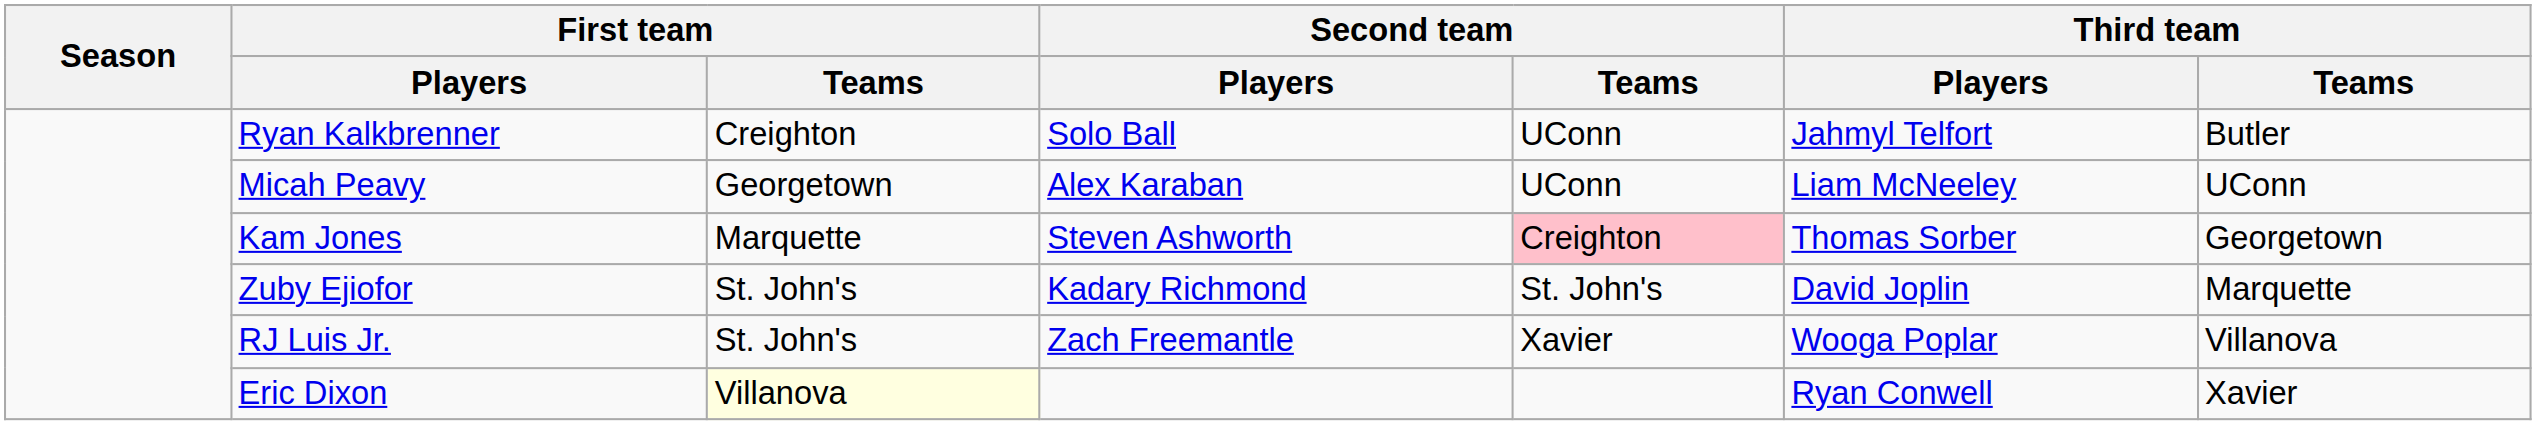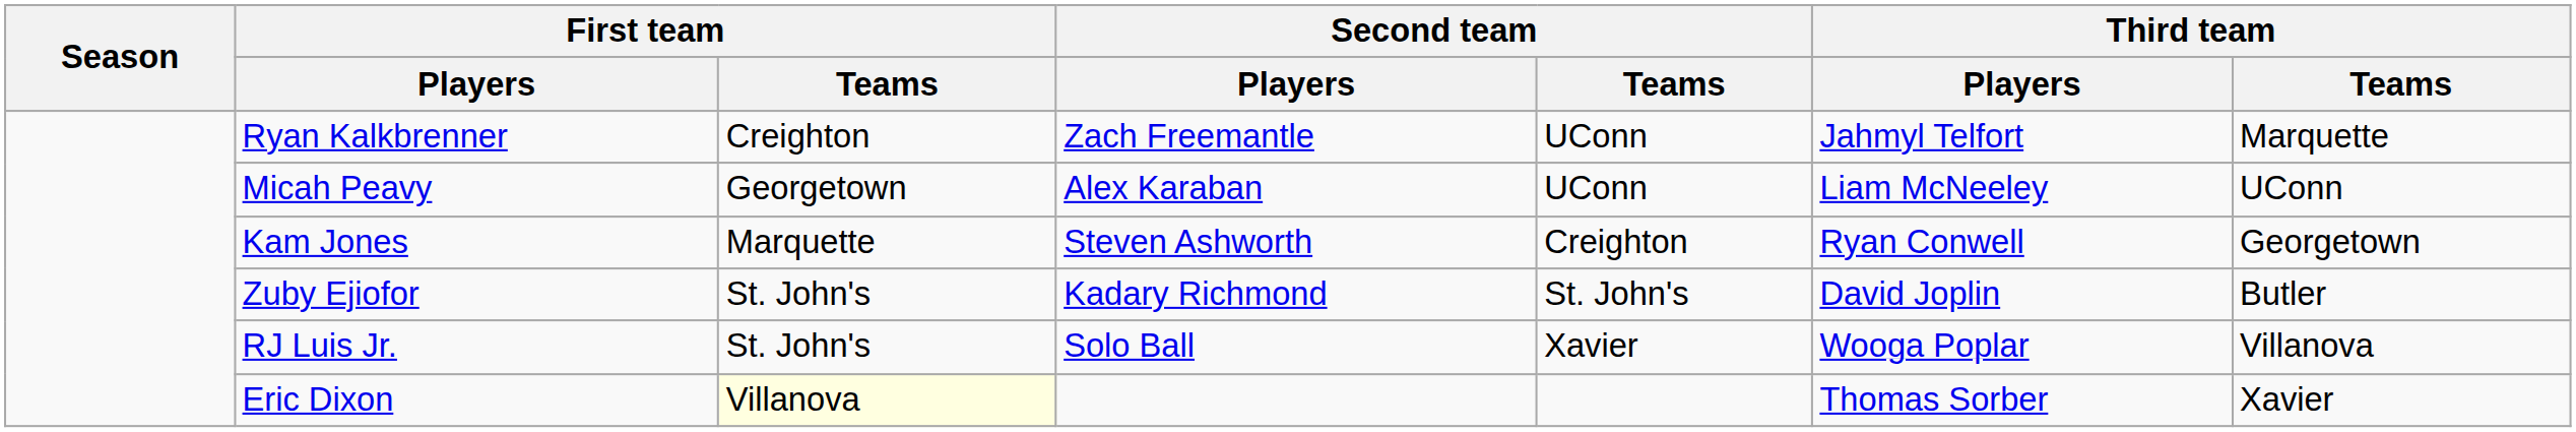 <table class="wikitable" style="width:98%">
 <tr>
 <th rowspan=2>Season</th>
 <th colspan=2>First team</th>
 <th colspan=2>Second team</th>
 <th colspan=2>Third team</th>
 </tr>
 <tr>
 <th>Players</th>
 <th>Teams</th>
 <th>Players</th>
 <th>Teams</th>
 <th>Players</th>
 <th>Teams</th>
 </tr>
 <tr>
 <td rowspan=6></td>
 <td><a href='#'>Ryan Kalkbrenner</a></td>
 <td>Creighton</td>
-<td><a href='#'>Solo Ball</a></td>
+<td><a href='#'>Zach Freemantle</a></td>
 <td>UConn</td>
 <td><a href='#'>Jahmyl Telfort</a></td>
-<td>Butler</td>
+<td>Marquette</td>
 </tr>
 <tr>
 <td><a href='#'>Micah Peavy</a></td>
 <td>Georgetown</td>
 <td><a href='#'>Alex Karaban</a></td>
 <td>UConn</td>
 <td><a href='#'>Liam McNeeley</a></td>
 <td>UConn</td>
 </tr>
 <tr>
 <td><a href='#'>Kam Jones</a></td>
 <td>Marquette</td>
 <td><a href='#'>Steven Ashworth</a></td>
-<td style="background: pink;">Creighton</td>
-<td><a href='#'>Thomas Sorber</a></td>
+<td>Creighton</td>
+<td><a href='#'>Ryan Conwell</a></td>
 <td>Georgetown</td>
 </tr>
 <tr>
 <td><a href='#'>Zuby Ejiofor</a></td>
 <td>St. John's</td>
 <td><a href='#'>Kadary Richmond</a></td>
 <td>St. John's</td>
 <td><a href='#'>David Joplin</a></td>
-<td>Marquette</td>
+<td>Butler</td>
 </tr>
 <tr>
 <td><a href='#'>RJ Luis Jr.</a></td>
 <td>St. John's</td>
-<td><a href='#'>Zach Freemantle</a></td>
+<td><a href='#'>Solo Ball</a></td>
 <td>Xavier</td>
 <td><a href='#'>Wooga Poplar</a></td>
 <td>Villanova</td>
 </tr>
 <tr>
 <td><a href='#'>Eric Dixon</a></td>
 <td style="background: lightyellow;">Villanova</td>
 <td></td>
 <td></td>
-<td><a href='#'>Ryan Conwell</a></td>
+<td><a href='#'>Thomas Sorber</a></td>
 <td>Xavier</td>
 </tr>
 </table>
